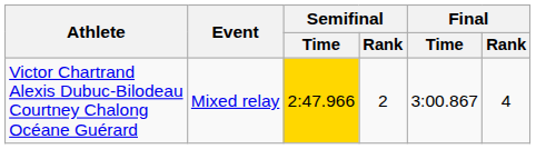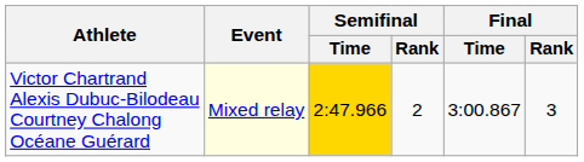 <table class="wikitable" style="font-size:90%">
 <tr>
 <th rowspan=2>Athlete</th>
 <th rowspan=2>Event</th>
 <th colspan=2>Semifinal</th>
 <th colspan=2>Final</th>
 </tr>
 <tr style="font-size:95%">
 <th>Time</th>
 <th>Rank</th>
 <th>Time</th>
 <th>Rank</th>
 </tr>
 <tr align=center>
 <td align=left><a href='#'>Victor Chartrand</a><br><a href='#'>Alexis Dubuc-Bilodeau</a><br><a href='#'>Courtney Chalong</a><br><a href='#'>Océane Guérard</a></td>
-<td align=left><a href='#'>Mixed relay</a></td>
+<td align=left style="background: lightyellow;"><a href='#'>Mixed relay</a></td>
 <td style="background: gold;">2:47.966</td>
 <td>2 <strong></strong></td>
 <td>3:00.867</td>
-<td>4</td>
+<td>3</td>
 </tr>
 </table>
